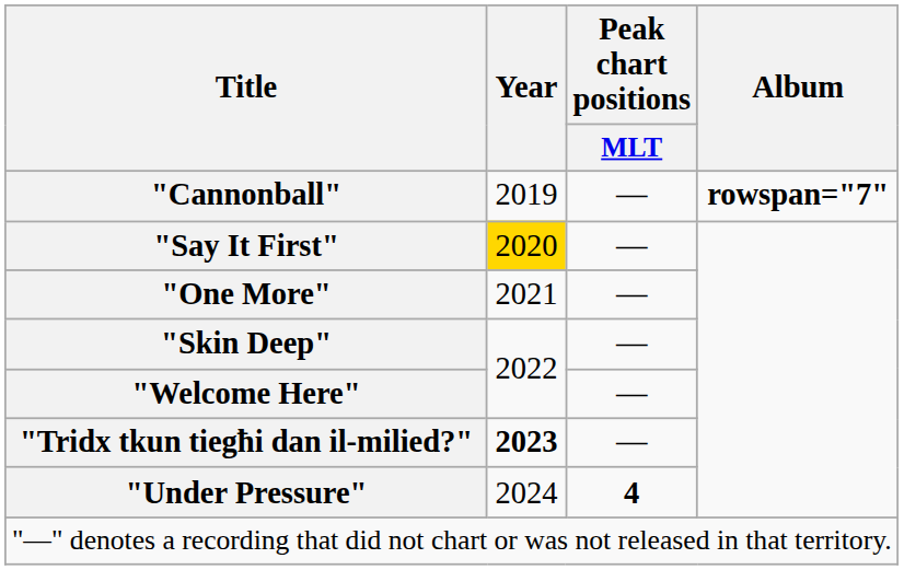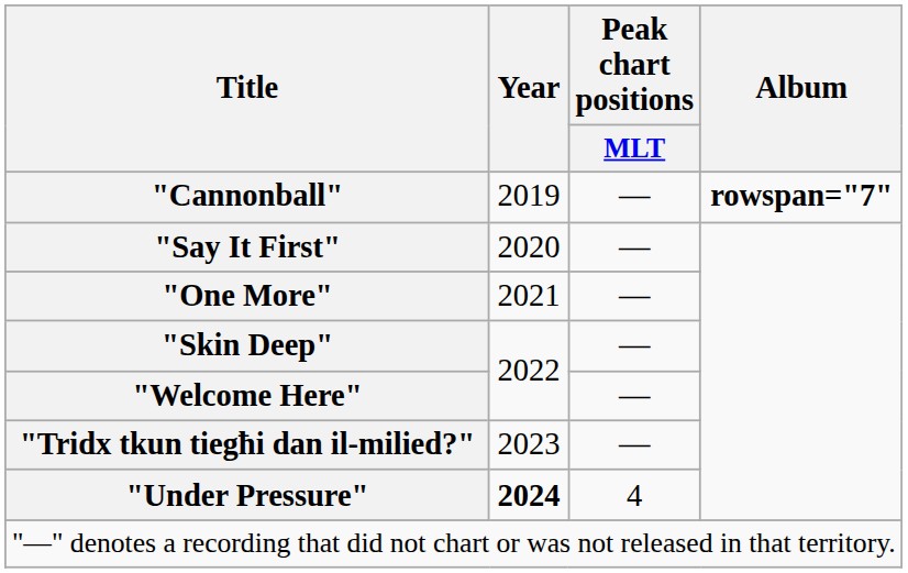 <table class="wikitable plainrowheaders" style="text-align:center;">
 <tr>
 <th scope="col" rowspan="2" style="width:15em;">Title</th>
 <th scope="col" rowspan="2">Year</th>
 <th scope="col" colspan="1">Peak chart positions</th>
 <th scope="col" rowspan="2">Album</th>
 </tr>
 <tr>
 <th scope="col" style="width:2.5em;font-size:90%;"><a href='#'>MLT</a><br></th>
 </tr>
 <tr>
 <th scope="row">"Cannonball"<br></th>
 <td>2019</td>
 <td>—</td>
 <td><strong>rowspan="7" </strong></td>
 </tr>
 <tr>
 <th scope="row">"Say It First"<br></th>
-<td style="background: gold;">2020</td>
+<td>2020</td>
 <td>—</td>
 </tr>
 <tr>
 <th scope="row">"One More"<br></th>
 <td>2021</td>
 <td>—</td>
 </tr>
 <tr>
 <th scope="row">"Skin Deep"<br></th>
 <td rowspan="2">2022</td>
 <td>—</td>
 </tr>
 <tr>
 <th scope="row">"Welcome Here"<br></th>
 <td>—</td>
 </tr>
 <tr>
 <th scope="row">"Tridx tkun tiegħi dan il-milied?"<br></th>
-<td><strong>2023</strong></td>
+<td>2023</td>
 <td>—</td>
 </tr>
 <tr>
 <th scope="row">"Under Pressure"<br></th>
-<td>2024</td>
-<td><strong>4</strong></td>
+<td><strong>2024</strong></td>
+<td>4</td>
 </tr>
 <tr>
 <td colspan="4" style="font-size:90%">"—" denotes a recording that did not chart or was not released in that territory.</td>
 </tr>
 </table>
